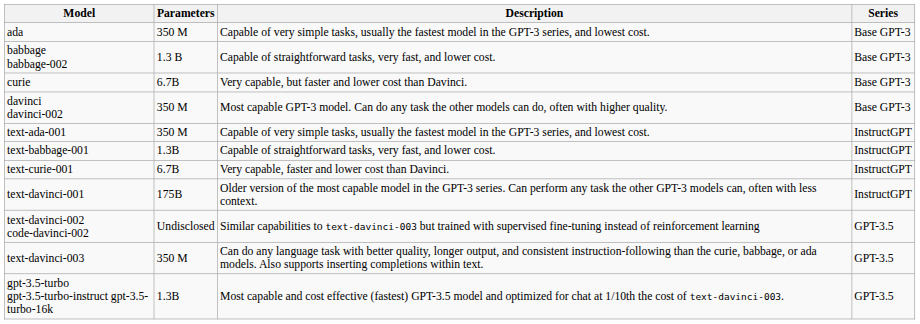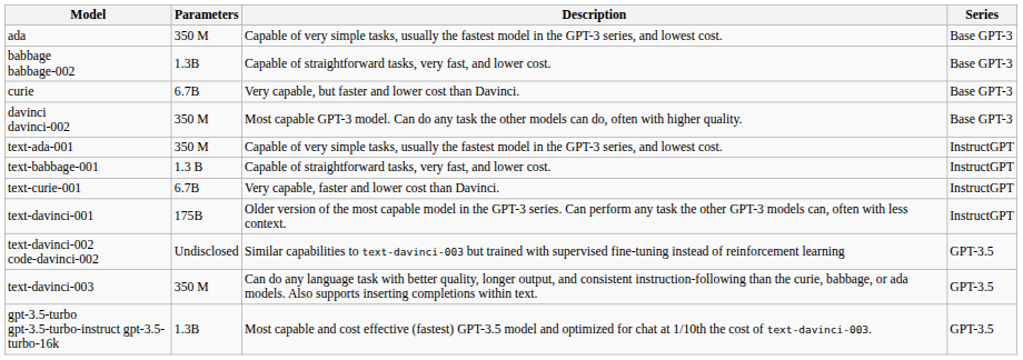 <table class="wikitable">
 <tr>
 <th>Model</th>
 <th>Parameters</th>
 <th>Description</th>
 <th>Series</th>
 </tr>
 <tr>
 <td>ada</td>
 <td>350 M</td>
 <td>Capable of very simple tasks, usually the fastest model in the GPT-3 series, and lowest cost.</td>
 <td>Base GPT-3</td>
 </tr>
 <tr>
 <td>babbage<br>babbage-002</td>
-<td>1.3 B</td>
+<td>1.3B</td>
 <td>Capable of straightforward tasks, very fast, and lower cost.</td>
 <td>Base GPT-3</td>
 </tr>
 <tr>
 <td>curie</td>
 <td>6.7B</td>
 <td>Very capable, but faster and lower cost than Davinci.</td>
 <td>Base GPT-3</td>
 </tr>
 <tr>
 <td>davinci<br>davinci-002</td>
 <td>350 M</td>
 <td>Most capable GPT-3 model. Can do any task the other models can do, often with higher quality.</td>
 <td>Base GPT-3</td>
 </tr>
 <tr>
 <td>text-ada-001</td>
 <td>350 M</td>
 <td>Capable of very simple tasks, usually the fastest model in the GPT-3 series, and lowest cost.</td>
 <td>InstructGPT</td>
 </tr>
 <tr>
 <td>text-babbage-001</td>
-<td>1.3B</td>
+<td>1.3 B</td>
 <td>Capable of straightforward tasks, very fast, and lower cost.</td>
 <td>InstructGPT</td>
 </tr>
 <tr>
 <td>text-curie-001</td>
 <td>6.7B</td>
 <td>Very capable, faster and lower cost than Davinci.</td>
 <td>InstructGPT</td>
 </tr>
 <tr>
 <td>text-davinci-001</td>
 <td>175B</td>
 <td>Older version of the most capable model in the GPT-3 series. Can perform any task the other GPT-3 models can, often with less context.</td>
 <td>InstructGPT</td>
 </tr>
 <tr>
 <td>text-davinci-002<br>code-davinci-002</td>
 <td>Undisclosed</td>
 <td>Similar capabilities to <code>text-davinci-003</code> but trained with supervised fine-tuning instead of reinforcement learning</td>
 <td>GPT-3.5</td>
 </tr>
 <tr>
 <td>text-davinci-003</td>
 <td>350 M</td>
 <td>Can do any language task with better quality, longer output, and consistent instruction-following than the curie, babbage, or ada models. Also supports inserting completions within text.</td>
 <td>GPT-3.5</td>
 </tr>
 <tr>
 <td>gpt-3.5-turbo<br>gpt-3.5-turbo-instruct gpt-3.5-turbo-16k</td>
 <td>1.3B</td>
 <td>Most capable and cost effective (fastest) GPT-3.5 model and optimized for chat at 1/10th the cost of <code>text-davinci-003</code>.</td>
 <td>GPT-3.5</td>
 </tr>
 </table>
